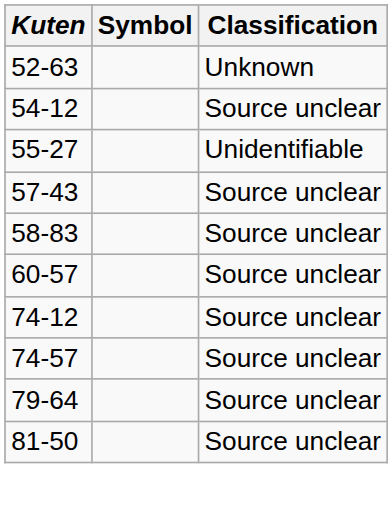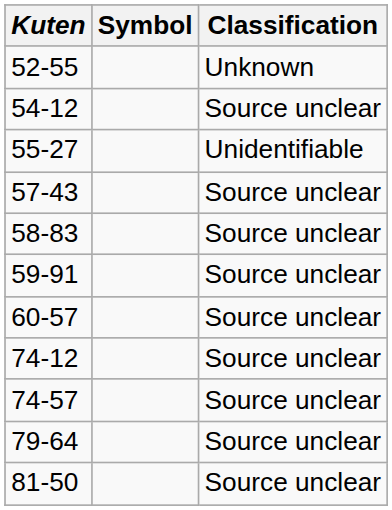 <table class="wikitable"  style="clear: right; float: right; margin: 0.5em 0px 0.5em 1em;">
 <tr>
 <th><em>Kuten</em></th>
 <th>Symbol</th>
 <th>Classi­fi­ca­tion</th>
 </tr>
 <tr>
-<td>52-63</td>
+<td>52-55</td>
 <td style="text-align: center"></td>
 <td>Unknown</td>
 </tr>
 <tr>
 <td>54-12</td>
 <td style="text-align: center"></td>
 <td>Source unclear</td>
 </tr>
 <tr>
 <td>55-27</td>
 <td style="text-align: center"></td>
 <td>Un­iden­ti­fiable</td>
 </tr>
 <tr>
 <td>57-43</td>
 <td style="text-align: center"></td>
 <td>Source unclear</td>
 </tr>
 <tr>
 <td>58-83</td>
+<td style="text-align: center"></td>
+<td>Source unclear</td>
+</tr>
+<tr>
+<td>59-91</td>
 <td style="text-align: center"></td>
 <td>Source unclear</td>
 </tr>
 <tr>
 <td>60-57</td>
 <td style="text-align: center"></td>
 <td>Source unclear</td>
 </tr>
 <tr>
 <td>74-12</td>
 <td style="text-align: center"></td>
 <td>Source unclear</td>
 </tr>
 <tr>
 <td>74-57</td>
 <td style="text-align: center"></td>
 <td>Source unclear</td>
 </tr>
 <tr>
 <td>79-64</td>
 <td style="text-align: center"></td>
 <td>Source unclear</td>
 </tr>
 <tr>
 <td>81-50</td>
 <td style="text-align: center"></td>
 <td>Source unclear</td>
 </tr>
 </table>
